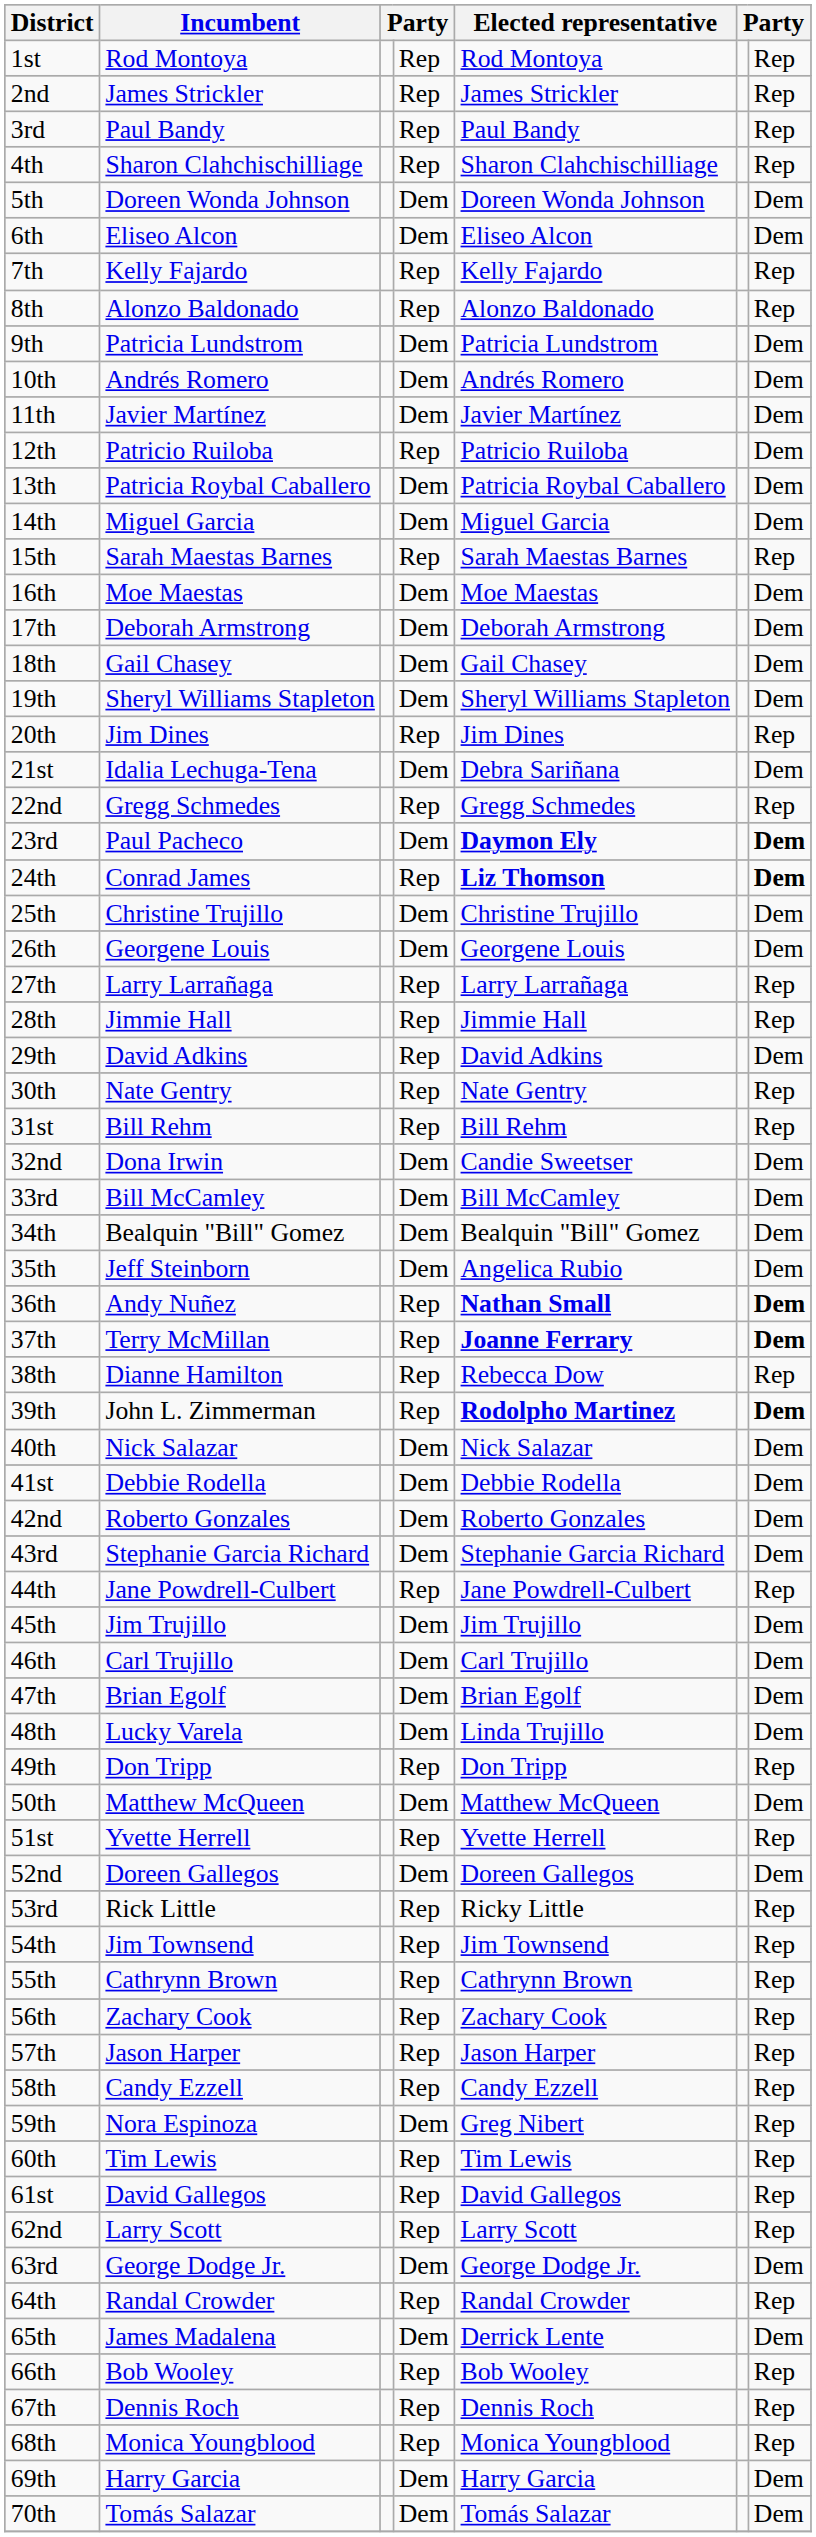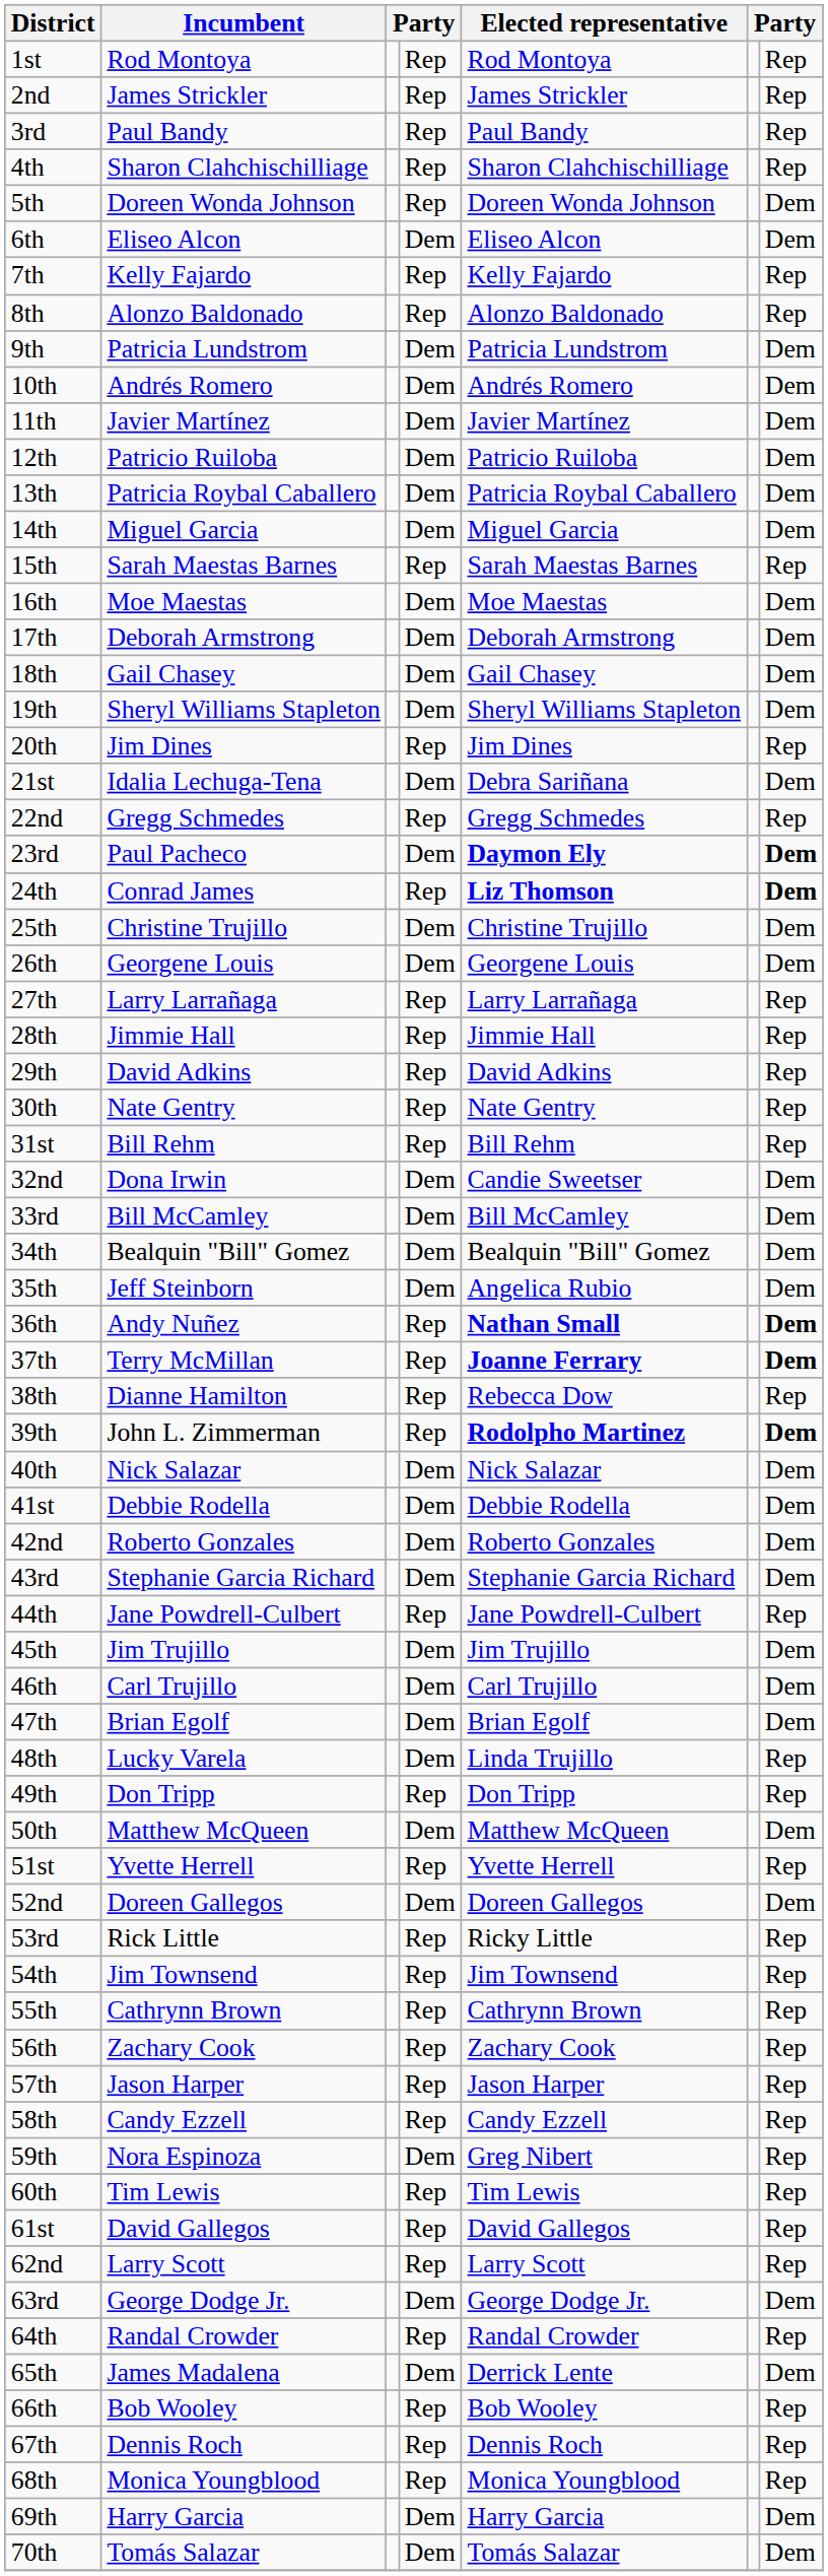 <table class=wikitable style="font-size:95%;line-height:14px;">
 <tr>
 <th>District</th>
 <th><a href='#'>Incumbent</a></th>
 <th colspan=2>Party</th>
 <th>Elected representative</th>
 <th colspan=2>Party</th>
 </tr>
 <tr>
 <td>1st</td>
 <td><a href='#'>Rod Montoya</a></td>
 <td style="background:"></td>
 <td>Rep</td>
 <td><a href='#'>Rod Montoya</a></td>
 <td style="background:"></td>
 <td>Rep</td>
 </tr>
 <tr>
 <td>2nd</td>
 <td><a href='#'>James Strickler</a></td>
 <td style="background:"></td>
 <td>Rep</td>
 <td><a href='#'>James Strickler</a></td>
 <td style="background:"></td>
 <td>Rep</td>
 </tr>
 <tr>
 <td>3rd</td>
 <td><a href='#'>Paul Bandy</a></td>
 <td style="background:"></td>
 <td>Rep</td>
 <td><a href='#'>Paul Bandy</a></td>
 <td style="background:"></td>
 <td>Rep</td>
 </tr>
 <tr>
 <td>4th</td>
 <td><a href='#'>Sharon Clahchischilliage</a></td>
 <td style="background:"></td>
 <td>Rep</td>
 <td><a href='#'>Sharon Clahchischilliage</a></td>
 <td style="background:"></td>
 <td>Rep</td>
 </tr>
 <tr>
 <td>5th</td>
 <td><a href='#'>Doreen Wonda Johnson</a></td>
 <td style="background:"></td>
-<td>Dem</td>
+<td>Rep</td>
 <td><a href='#'>Doreen Wonda Johnson</a></td>
 <td style="background:"></td>
 <td>Dem</td>
 </tr>
 <tr>
 <td>6th</td>
 <td><a href='#'>Eliseo Alcon</a></td>
 <td style="background:"></td>
 <td>Dem</td>
 <td><a href='#'>Eliseo Alcon</a></td>
 <td style="background:"></td>
 <td>Dem</td>
 </tr>
 <tr>
 <td>7th</td>
 <td><a href='#'>Kelly Fajardo</a></td>
 <td style="background:"></td>
 <td>Rep</td>
 <td><a href='#'>Kelly Fajardo</a></td>
 <td style="background:"></td>
 <td>Rep</td>
 </tr>
 <tr>
 <td>8th</td>
 <td><a href='#'>Alonzo Baldonado</a></td>
 <td style="background:"></td>
 <td>Rep</td>
 <td><a href='#'>Alonzo Baldonado</a></td>
 <td style="background:"></td>
 <td>Rep</td>
 </tr>
 <tr>
 <td>9th</td>
 <td><a href='#'>Patricia Lundstrom</a></td>
 <td style="background:"></td>
 <td>Dem</td>
 <td><a href='#'>Patricia Lundstrom</a></td>
 <td style="background:"></td>
 <td>Dem</td>
 </tr>
 <tr>
 <td>10th</td>
 <td><a href='#'>Andrés Romero</a></td>
 <td style="background:"></td>
 <td>Dem</td>
 <td><a href='#'>Andrés Romero</a></td>
 <td style="background:"></td>
 <td>Dem</td>
 </tr>
 <tr>
 <td>11th</td>
 <td><a href='#'>Javier Martínez</a></td>
 <td style="background:"></td>
 <td>Dem</td>
 <td><a href='#'>Javier Martínez</a></td>
 <td style="background:"></td>
 <td>Dem</td>
 </tr>
 <tr>
 <td>12th</td>
 <td><a href='#'>Patricio Ruiloba</a></td>
 <td style="background:"></td>
-<td>Rep</td>
+<td>Dem</td>
 <td><a href='#'>Patricio Ruiloba</a></td>
 <td style="background:"></td>
 <td>Dem</td>
 </tr>
 <tr>
 <td>13th</td>
 <td><a href='#'>Patricia Roybal Caballero</a></td>
 <td style="background:"></td>
 <td>Dem</td>
 <td><a href='#'>Patricia Roybal Caballero</a></td>
 <td style="background:"></td>
 <td>Dem</td>
 </tr>
 <tr>
 <td>14th</td>
 <td><a href='#'>Miguel Garcia</a></td>
 <td style="background:"></td>
 <td>Dem</td>
 <td><a href='#'>Miguel Garcia</a></td>
 <td style="background:"></td>
 <td>Dem</td>
 </tr>
 <tr>
 <td>15th</td>
 <td><a href='#'>Sarah Maestas Barnes</a></td>
 <td style="background:"></td>
 <td>Rep</td>
 <td><a href='#'>Sarah Maestas Barnes</a></td>
 <td style="background:"></td>
 <td>Rep</td>
 </tr>
 <tr>
 <td>16th</td>
 <td><a href='#'>Moe Maestas</a></td>
 <td style="background:"></td>
 <td>Dem</td>
 <td><a href='#'>Moe Maestas</a></td>
 <td style="background:"></td>
 <td>Dem</td>
 </tr>
 <tr>
 <td>17th</td>
 <td><a href='#'>Deborah Armstrong</a></td>
 <td style="background:"></td>
 <td>Dem</td>
 <td><a href='#'>Deborah Armstrong</a></td>
 <td style="background:"></td>
 <td>Dem</td>
 </tr>
 <tr>
 <td>18th</td>
 <td><a href='#'>Gail Chasey</a></td>
 <td style="background:"></td>
 <td>Dem</td>
 <td><a href='#'>Gail Chasey</a></td>
 <td style="background:"></td>
 <td>Dem</td>
 </tr>
 <tr>
 <td>19th</td>
 <td><a href='#'>Sheryl Williams Stapleton</a></td>
 <td style="background:"></td>
 <td>Dem</td>
 <td><a href='#'>Sheryl Williams Stapleton</a></td>
 <td style="background:"></td>
 <td>Dem</td>
 </tr>
 <tr>
 <td>20th</td>
 <td><a href='#'>Jim Dines</a></td>
 <td style="background:"></td>
 <td>Rep</td>
 <td><a href='#'>Jim Dines</a></td>
 <td style="background:"></td>
 <td>Rep</td>
 </tr>
 <tr>
 <td>21st</td>
 <td><a href='#'>Idalia Lechuga-Tena</a></td>
 <td style="background:"></td>
 <td>Dem</td>
 <td><a href='#'>Debra Sariñana</a></td>
 <td style="background:"></td>
 <td>Dem</td>
 </tr>
 <tr>
 <td>22nd</td>
 <td><a href='#'>Gregg Schmedes</a></td>
 <td style="background:"></td>
 <td>Rep</td>
 <td><a href='#'>Gregg Schmedes</a></td>
 <td style="background:"></td>
 <td>Rep</td>
 </tr>
 <tr>
 <td>23rd</td>
 <td><a href='#'>Paul Pacheco</a></td>
 <td style="background:"></td>
 <td>Dem</td>
 <td><strong><a href='#'>Daymon Ely</a></strong></td>
 <td style="background:"></td>
 <td><strong>Dem</strong></td>
 </tr>
 <tr>
 <td>24th</td>
 <td><a href='#'>Conrad James</a></td>
 <td style="background:"></td>
 <td>Rep</td>
 <td><strong><a href='#'>Liz Thomson</a></strong></td>
 <td style="background:"></td>
 <td><strong>Dem</strong></td>
 </tr>
 <tr>
 <td>25th</td>
 <td><a href='#'>Christine Trujillo</a></td>
 <td style="background:"></td>
 <td>Dem</td>
 <td><a href='#'>Christine Trujillo</a></td>
 <td style="background:"></td>
 <td>Dem</td>
 </tr>
 <tr>
 <td>26th</td>
 <td><a href='#'>Georgene Louis</a></td>
 <td style="background:"></td>
 <td>Dem</td>
 <td><a href='#'>Georgene Louis</a></td>
 <td style="background:"></td>
 <td>Dem</td>
 </tr>
 <tr>
 <td>27th</td>
 <td><a href='#'>Larry Larrañaga</a></td>
 <td style="background:"></td>
 <td>Rep</td>
 <td><a href='#'>Larry Larrañaga</a></td>
 <td style="background:"></td>
 <td>Rep</td>
 </tr>
 <tr>
 <td>28th</td>
 <td><a href='#'>Jimmie Hall</a></td>
 <td style="background:"></td>
 <td>Rep</td>
 <td><a href='#'>Jimmie Hall</a></td>
 <td style="background:"></td>
 <td>Rep</td>
 </tr>
 <tr>
 <td>29th</td>
 <td><a href='#'>David Adkins</a></td>
 <td style="background:"></td>
 <td>Rep</td>
 <td><a href='#'>David Adkins</a></td>
 <td style="background:"></td>
-<td>Dem</td>
+<td>Rep</td>
 </tr>
 <tr>
 <td>30th</td>
 <td><a href='#'>Nate Gentry</a></td>
 <td style="background:"></td>
 <td>Rep</td>
 <td><a href='#'>Nate Gentry</a></td>
 <td style="background:"></td>
 <td>Rep</td>
 </tr>
 <tr>
 <td>31st</td>
 <td><a href='#'>Bill Rehm</a></td>
 <td style="background:"></td>
 <td>Rep</td>
 <td><a href='#'>Bill Rehm</a></td>
 <td style="background:"></td>
 <td>Rep</td>
 </tr>
 <tr>
 <td>32nd</td>
 <td><a href='#'>Dona Irwin</a></td>
 <td style="background:"></td>
 <td>Dem</td>
 <td><a href='#'>Candie Sweetser</a></td>
 <td style="background:"></td>
 <td>Dem</td>
 </tr>
 <tr>
 <td>33rd</td>
 <td><a href='#'>Bill McCamley</a></td>
 <td style="background:"></td>
 <td>Dem</td>
 <td><a href='#'>Bill McCamley</a></td>
 <td style="background:"></td>
 <td>Dem</td>
 </tr>
 <tr>
 <td>34th</td>
 <td>Bealquin "Bill" Gomez</td>
 <td style="background:"></td>
 <td>Dem</td>
 <td>Bealquin "Bill" Gomez</td>
 <td style="background:"></td>
 <td>Dem</td>
 </tr>
 <tr>
 <td>35th</td>
 <td><a href='#'>Jeff Steinborn</a></td>
 <td style="background:"></td>
 <td>Dem</td>
 <td><a href='#'>Angelica Rubio</a></td>
 <td style="background:"></td>
 <td>Dem</td>
 </tr>
 <tr>
 <td>36th</td>
 <td><a href='#'>Andy Nuñez</a></td>
 <td style="background:"></td>
 <td>Rep</td>
 <td><strong><a href='#'>Nathan Small</a></strong></td>
 <td style="background:"></td>
 <td><strong>Dem</strong></td>
 </tr>
 <tr>
 <td>37th</td>
 <td><a href='#'>Terry McMillan</a></td>
 <td style="background:"></td>
 <td>Rep</td>
 <td><strong><a href='#'>Joanne Ferrary</a></strong></td>
 <td style="background:"></td>
 <td><strong>Dem</strong></td>
 </tr>
 <tr>
 <td>38th</td>
 <td><a href='#'>Dianne Hamilton</a></td>
 <td style="background:"></td>
 <td>Rep</td>
 <td><a href='#'>Rebecca Dow</a></td>
 <td style="background:"></td>
 <td>Rep</td>
 </tr>
 <tr>
 <td>39th</td>
 <td>John L. Zimmerman</td>
 <td style="background:"></td>
 <td>Rep</td>
 <td><strong><a href='#'>Rodolpho Martinez</a></strong></td>
 <td style="background:"></td>
 <td><strong>Dem</strong></td>
 </tr>
 <tr>
 <td>40th</td>
 <td><a href='#'>Nick Salazar</a></td>
 <td style="background:"></td>
 <td>Dem</td>
 <td><a href='#'>Nick Salazar</a></td>
 <td style="background:"></td>
 <td>Dem</td>
 </tr>
 <tr>
 <td>41st</td>
 <td><a href='#'>Debbie Rodella</a></td>
 <td style="background:"></td>
 <td>Dem</td>
 <td><a href='#'>Debbie Rodella</a></td>
 <td style="background:"></td>
 <td>Dem</td>
 </tr>
 <tr>
 <td>42nd</td>
 <td><a href='#'>Roberto Gonzales</a></td>
 <td style="background:"></td>
 <td>Dem</td>
 <td><a href='#'>Roberto Gonzales</a></td>
 <td style="background:"></td>
 <td>Dem</td>
 </tr>
 <tr>
 <td>43rd</td>
 <td><a href='#'>Stephanie Garcia Richard</a></td>
 <td style="background:"></td>
 <td>Dem</td>
 <td><a href='#'>Stephanie Garcia Richard</a></td>
 <td style="background:"></td>
 <td>Dem</td>
 </tr>
 <tr>
 <td>44th</td>
 <td><a href='#'>Jane Powdrell-Culbert</a></td>
 <td style="background:"></td>
 <td>Rep</td>
 <td><a href='#'>Jane Powdrell-Culbert</a></td>
 <td style="background:"></td>
 <td>Rep</td>
 </tr>
 <tr>
 <td>45th</td>
 <td><a href='#'>Jim Trujillo</a></td>
 <td style="background:"></td>
 <td>Dem</td>
 <td><a href='#'>Jim Trujillo</a></td>
 <td style="background:"></td>
 <td>Dem</td>
 </tr>
 <tr>
 <td>46th</td>
 <td><a href='#'>Carl Trujillo</a></td>
 <td style="background:"></td>
 <td>Dem</td>
 <td><a href='#'>Carl Trujillo</a></td>
 <td style="background:"></td>
 <td>Dem</td>
 </tr>
 <tr>
 <td>47th</td>
 <td><a href='#'>Brian Egolf</a></td>
 <td style="background:"></td>
 <td>Dem</td>
 <td><a href='#'>Brian Egolf</a></td>
 <td style="background:"></td>
 <td>Dem</td>
 </tr>
 <tr>
 <td>48th</td>
 <td><a href='#'>Lucky Varela</a></td>
 <td style="background:"></td>
 <td>Dem</td>
 <td><a href='#'>Linda Trujillo</a></td>
 <td style="background:"></td>
-<td>Dem</td>
+<td>Rep</td>
 </tr>
 <tr>
 <td>49th</td>
 <td><a href='#'>Don Tripp</a></td>
 <td style="background:"></td>
 <td>Rep</td>
 <td><a href='#'>Don Tripp</a></td>
 <td style="background:"></td>
 <td>Rep</td>
 </tr>
 <tr>
 <td>50th</td>
 <td><a href='#'>Matthew McQueen</a></td>
 <td style="background:"></td>
 <td>Dem</td>
 <td><a href='#'>Matthew McQueen</a></td>
 <td style="background:"></td>
 <td>Dem</td>
 </tr>
 <tr>
 <td>51st</td>
 <td><a href='#'>Yvette Herrell</a></td>
 <td style="background:"></td>
 <td>Rep</td>
 <td><a href='#'>Yvette Herrell</a></td>
 <td style="background:"></td>
 <td>Rep</td>
 </tr>
 <tr>
 <td>52nd</td>
 <td><a href='#'>Doreen Gallegos</a></td>
 <td style="background:"></td>
 <td>Dem</td>
 <td><a href='#'>Doreen Gallegos</a></td>
 <td style="background:"></td>
 <td>Dem</td>
 </tr>
 <tr>
 <td>53rd</td>
 <td>Rick Little</td>
 <td style="background:"></td>
 <td>Rep</td>
 <td>Ricky Little</td>
 <td style="background:"></td>
 <td>Rep</td>
 </tr>
 <tr>
 <td>54th</td>
 <td><a href='#'>Jim Townsend</a></td>
 <td style="background:"></td>
 <td>Rep</td>
 <td><a href='#'>Jim Townsend</a></td>
 <td style="background:"></td>
 <td>Rep</td>
 </tr>
 <tr>
 <td>55th</td>
 <td><a href='#'>Cathrynn Brown</a></td>
 <td style="background:"></td>
 <td>Rep</td>
 <td><a href='#'>Cathrynn Brown</a></td>
 <td style="background:"></td>
 <td>Rep</td>
 </tr>
 <tr>
 <td>56th</td>
 <td><a href='#'>Zachary Cook</a></td>
 <td style="background:"></td>
 <td>Rep</td>
 <td><a href='#'>Zachary Cook</a></td>
 <td style="background:"></td>
 <td>Rep</td>
 </tr>
 <tr>
 <td>57th</td>
 <td><a href='#'>Jason Harper</a></td>
 <td style="background:"></td>
 <td>Rep</td>
 <td><a href='#'>Jason Harper</a></td>
 <td style="background:"></td>
 <td>Rep</td>
 </tr>
 <tr>
 <td>58th</td>
 <td><a href='#'>Candy Ezzell</a></td>
 <td style="background:"></td>
 <td>Rep</td>
 <td><a href='#'>Candy Ezzell</a></td>
 <td style="background:"></td>
 <td>Rep</td>
 </tr>
 <tr>
 <td>59th</td>
 <td><a href='#'>Nora Espinoza</a></td>
 <td style="background:"></td>
 <td>Dem</td>
 <td><a href='#'>Greg Nibert</a></td>
 <td style="background:"></td>
 <td>Rep</td>
 </tr>
 <tr>
 <td>60th</td>
 <td><a href='#'>Tim Lewis</a></td>
 <td style="background:"></td>
 <td>Rep</td>
 <td><a href='#'>Tim Lewis</a></td>
 <td style="background:"></td>
 <td>Rep</td>
 </tr>
 <tr>
 <td>61st</td>
 <td><a href='#'>David Gallegos</a></td>
 <td style="background:"></td>
 <td>Rep</td>
 <td><a href='#'>David Gallegos</a></td>
 <td style="background:"></td>
 <td>Rep</td>
 </tr>
 <tr>
 <td>62nd</td>
 <td><a href='#'>Larry Scott</a></td>
 <td style="background:"></td>
 <td>Rep</td>
 <td><a href='#'>Larry Scott</a></td>
 <td style="background:"></td>
 <td>Rep</td>
 </tr>
 <tr>
 <td>63rd</td>
 <td><a href='#'>George Dodge Jr.</a></td>
 <td style="background:"></td>
 <td>Dem</td>
 <td><a href='#'>George Dodge Jr.</a></td>
 <td style="background:"></td>
 <td>Dem</td>
 </tr>
 <tr>
 <td>64th</td>
 <td><a href='#'>Randal Crowder</a></td>
 <td style="background:"></td>
 <td>Rep</td>
 <td><a href='#'>Randal Crowder</a></td>
 <td style="background:"></td>
 <td>Rep</td>
 </tr>
 <tr>
 <td>65th</td>
 <td><a href='#'>James Madalena</a></td>
 <td style="background:"></td>
 <td>Dem</td>
 <td><a href='#'>Derrick Lente</a></td>
 <td style="background:"></td>
 <td>Dem</td>
 </tr>
 <tr>
 <td>66th</td>
 <td><a href='#'>Bob Wooley</a></td>
 <td style="background:"></td>
 <td>Rep</td>
 <td><a href='#'>Bob Wooley</a></td>
 <td style="background:"></td>
 <td>Rep</td>
 </tr>
 <tr>
 <td>67th</td>
 <td><a href='#'>Dennis Roch</a></td>
 <td style="background:"></td>
 <td>Rep</td>
 <td><a href='#'>Dennis Roch</a></td>
 <td style="background:"></td>
 <td>Rep</td>
 </tr>
 <tr>
 <td>68th</td>
 <td><a href='#'>Monica Youngblood</a></td>
 <td style="background:"></td>
 <td>Rep</td>
 <td><a href='#'>Monica Youngblood</a></td>
 <td style="background:"></td>
 <td>Rep</td>
 </tr>
 <tr>
 <td>69th</td>
 <td><a href='#'>Harry Garcia</a></td>
 <td style="background:"></td>
 <td>Dem</td>
 <td><a href='#'>Harry Garcia</a></td>
 <td style="background:"></td>
 <td>Dem</td>
 </tr>
 <tr>
 <td>70th</td>
 <td><a href='#'>Tomás Salazar</a></td>
 <td style="background:"></td>
 <td>Dem</td>
 <td><a href='#'>Tomás Salazar</a></td>
 <td style="background:"></td>
 <td>Dem</td>
 </tr>
 <tr>
 </tr>
 </table>
